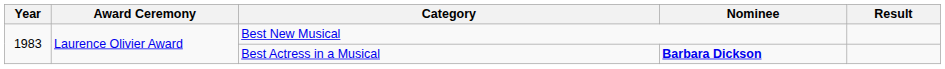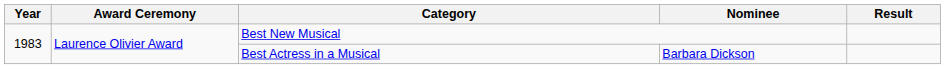 <table class="wikitable" style="width:95%;">
 <tr>
 <th style="width:5%;">Year</th>
 <th style="width:20%;">Award Ceremony</th>
 <th style="width:45%;">Category</th>
 <th style="width:20%;">Nominee</th>
 <th style="width:10%;">Result</th>
 </tr>
 <tr>
 <td rowspan="2" style="text-align:center;">1983</td>
 <td rowspan="2"><a href='#'>Laurence Olivier Award</a></td>
 <td colspan="2"><a href='#'>Best New Musical</a></td>
 <td></td>
 </tr>
 <tr>
 <td><a href='#'>Best Actress in a Musical</a></td>
-<td><strong><a href='#'>Barbara Dickson</a></strong></td>
+<td><a href='#'>Barbara Dickson</a></td>
 <td></td>
 </tr>
 </table>
